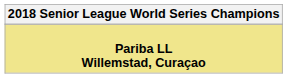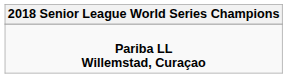 <table class="wikitable" style="text-align: center; margin: 0 auto;">
 <tr>
 <th>2018 Senior League World Series Champions</th>
 </tr>
 <tr>
 </tr>
 <tr>
-<td style="background: khaki;"><br><strong>Pariba LL</strong><br> <strong>Willemstad, Curaçao</strong></td>
+<td><br><strong>Pariba LL</strong><br> <strong>Willemstad, Curaçao</strong></td>
 </tr>
 </table>
